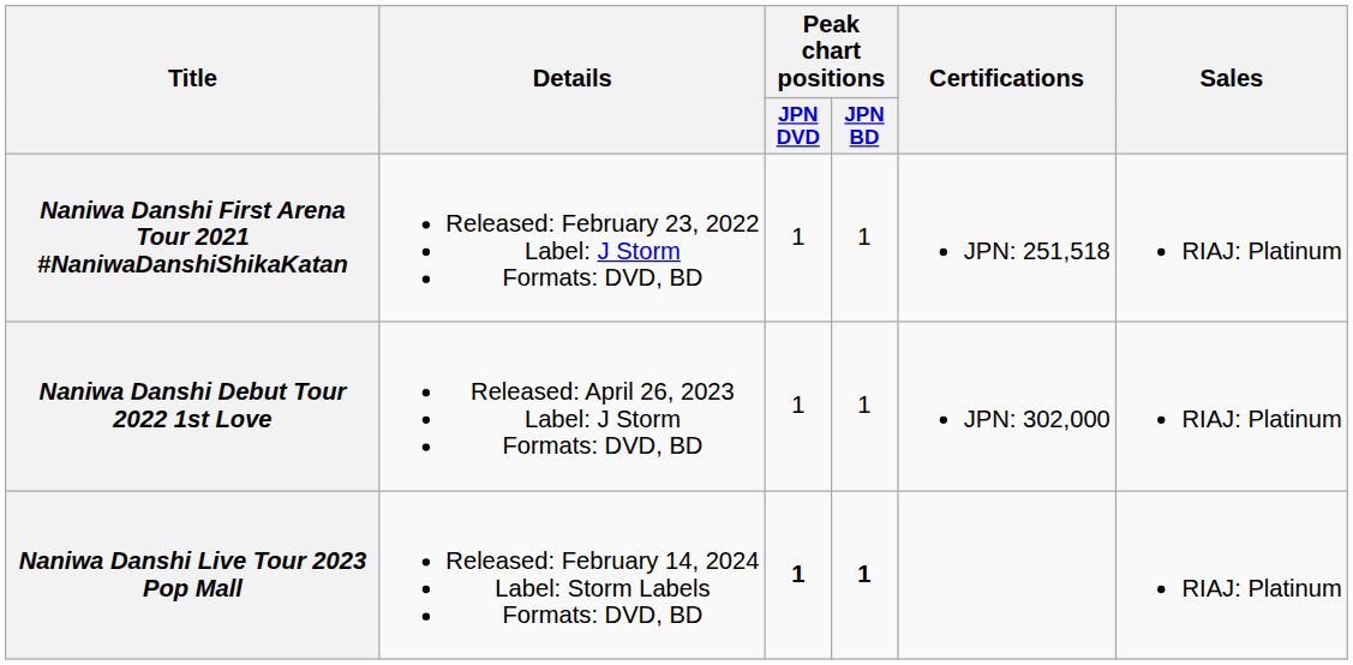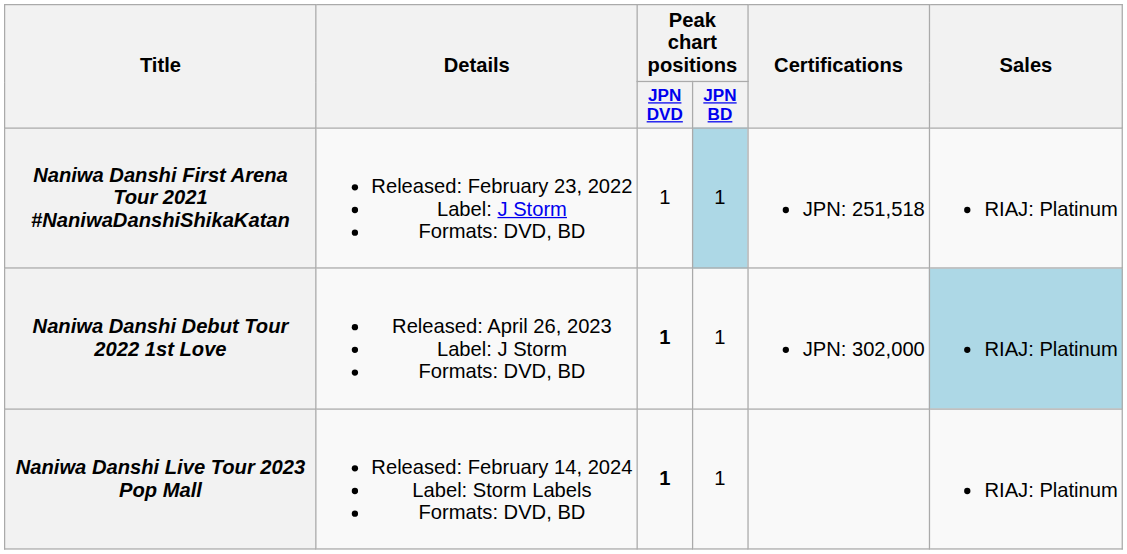 <table class="wikitable plainrowheaders" style="text-align:center;">
 <tr>
 <th rowspan="2" scope="col" style="width:15em">Title</th>
 <th rowspan="2" scope="col">Details</th>
 <th colspan="2" scope="col">Peak chart positions</th>
 <th rowspan="2" scope="col">Certifications</th>
 <th rowspan="2" scope="col">Sales</th>
 </tr>
 <tr>
 <th scope="col" style="width:2.75em;font-size:85%;"><a href='#'>JPN<br>DVD</a><br></th>
 <th scope="col" style="width:2.75em;font-size:85%;"><a href='#'>JPN<br>BD</a><br></th>
 </tr>
 <tr>
 <th scope="row"><em>Naniwa Danshi First Arena Tour 2021 #NaniwaDanshiShikaKatan</em></th>
 <td><br><ul><li>Released: February 23, 2022</li><li>Label: <a href='#'>J Storm</a></li><li>Formats: DVD, BD</li></ul></td>
 <td>1</td>
-<td>1</td>
+<td style="background: lightblue;">1</td>
 <td><br><ul><li>JPN: 251,518</li></ul></td>
 <td><br><ul><li>RIAJ: Platinum</li></ul></td>
 </tr>
 <tr>
 <th scope="row"><em>Naniwa Danshi Debut Tour 2022 1st Love</em></th>
 <td><br><ul><li>Released: April 26, 2023</li><li>Label: J Storm</li><li>Formats: DVD, BD</li></ul></td>
-<td>1</td>
+<td><strong>1</strong></td>
 <td>1</td>
 <td><br><ul><li>JPN: 302,000</li></ul></td>
-<td><br><ul><li>RIAJ: Platinum</li></ul></td>
+<td style="background: lightblue;"><br><ul><li>RIAJ: Platinum</li></ul></td>
 </tr>
 <tr>
 <th scope="row"><em>Naniwa Danshi Live Tour 2023 Pop Mall</em></th>
 <td><br><ul><li>Released: February 14, 2024</li><li>Label: Storm Labels</li><li>Formats: DVD, BD</li></ul></td>
 <td><strong>1</strong></td>
-<td><strong>1</strong></td>
+<td>1</td>
 <td></td>
 <td><br><ul><li>RIAJ: Platinum</li></ul></td>
 </tr>
 </table>
